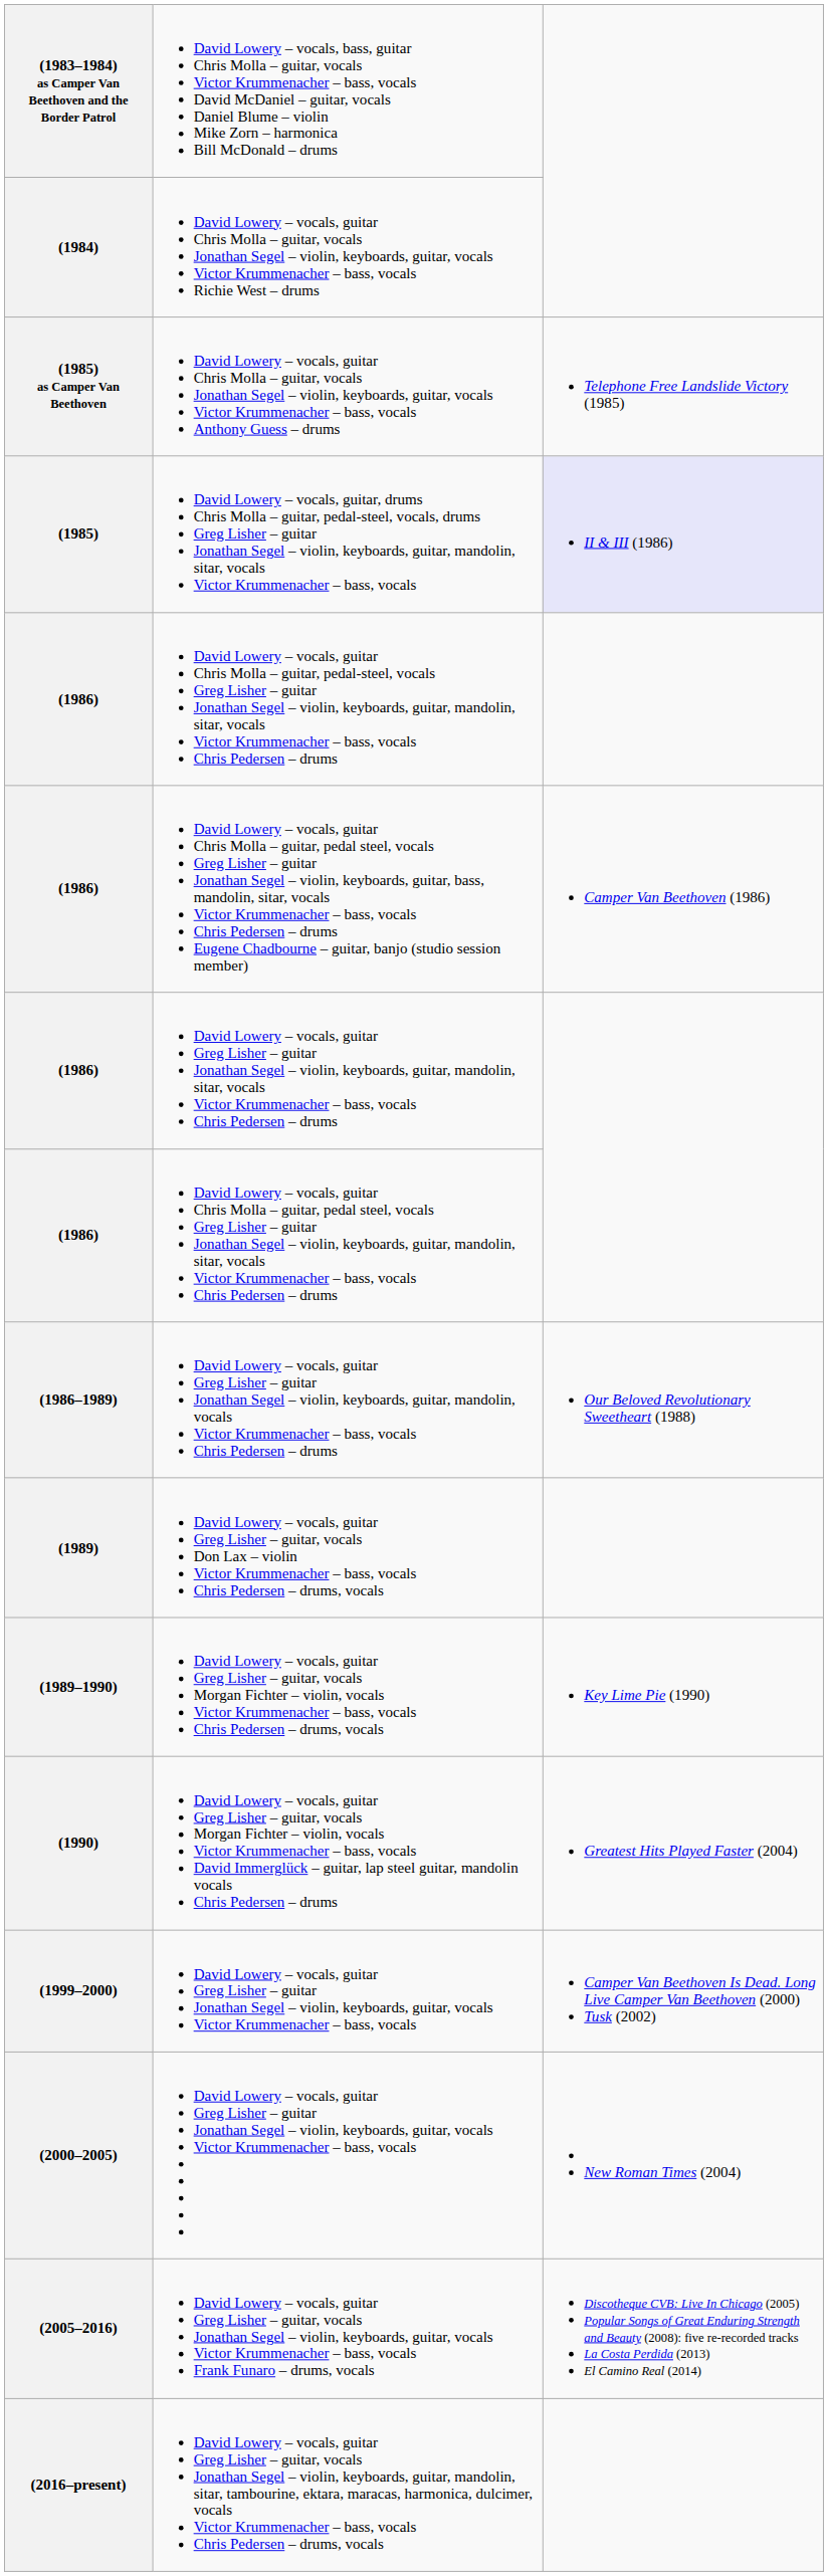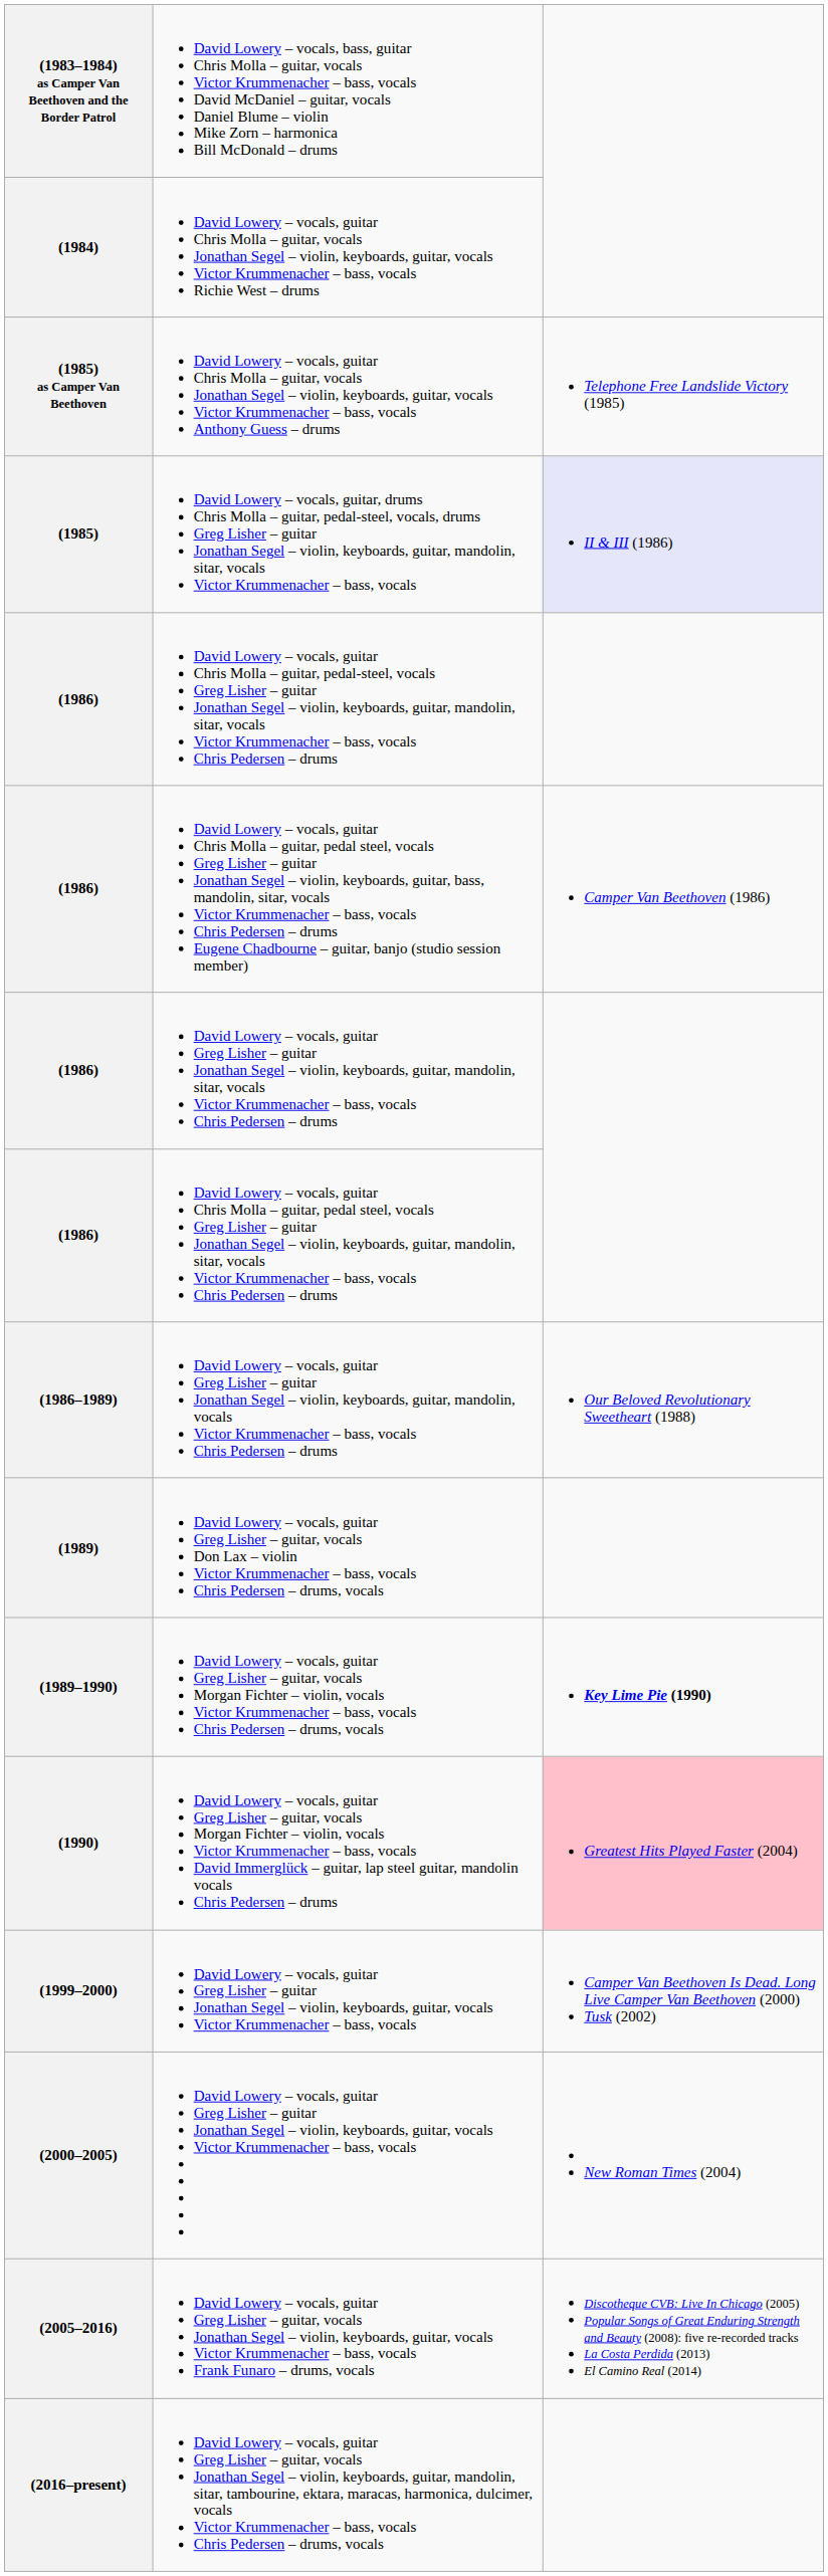 <table class="wikitable">
 <tr>
 <th>(1983–1984) <br><small>as Camper Van Beethoven and the Border Patrol</small></th>
 <td><br><ul><li><a href='#'>David Lowery</a> – vocals, bass, guitar</li><li>Chris Molla – guitar, vocals</li><li><a href='#'>Victor Krummenacher</a> – bass, vocals</li><li>David McDaniel – guitar, vocals</li><li>Daniel Blume – violin</li><li>Mike Zorn – harmonica</li><li>Bill McDonald – drums</li></ul></td>
 </tr>
 <tr>
 <th>(1984)</th>
 <td><br><ul><li><a href='#'>David Lowery</a> – vocals, guitar</li><li>Chris Molla – guitar, vocals</li><li><a href='#'>Jonathan Segel</a> – violin, keyboards, guitar, vocals</li><li><a href='#'>Victor Krummenacher</a> – bass, vocals</li><li>Richie West – drums</li></ul></td>
 </tr>
 <tr>
 <th>(1985)<br><small>as Camper Van Beethoven</small></th>
 <td><br><ul><li><a href='#'>David Lowery</a> – vocals, guitar</li><li>Chris Molla – guitar, vocals</li><li><a href='#'>Jonathan Segel</a> – violin, keyboards, guitar, vocals</li><li><a href='#'>Victor Krummenacher</a> – bass, vocals</li><li><a href='#'>Anthony Guess</a> – drums</li></ul></td>
 <td><br><ul><li><em><a href='#'>Telephone Free Landslide Victory</a></em> (1985)</li></ul></td>
 </tr>
 <tr>
 <th>(1985)</th>
 <td><br><ul><li><a href='#'>David Lowery</a> – vocals, guitar, drums</li><li>Chris Molla – guitar, pedal-steel, vocals, drums</li><li><a href='#'>Greg Lisher</a> – guitar</li><li><a href='#'>Jonathan Segel</a> – violin, keyboards, guitar, mandolin, sitar, vocals</li><li><a href='#'>Victor Krummenacher</a> – bass, vocals</li></ul></td>
 <td style="background: lavender;"><br><ul><li><em><a href='#'>II & III</a></em> (1986)</li></ul></td>
 </tr>
 <tr>
 <th>(1986)</th>
 <td><br><ul><li><a href='#'>David Lowery</a> – vocals, guitar</li><li>Chris Molla – guitar, pedal-steel, vocals</li><li><a href='#'>Greg Lisher</a> – guitar</li><li><a href='#'>Jonathan Segel</a> – violin, keyboards, guitar, mandolin, sitar, vocals</li><li><a href='#'>Victor Krummenacher</a> – bass, vocals</li><li><a href='#'>Chris Pedersen</a> – drums</li></ul></td>
 </tr>
 <tr>
 <th>(1986)</th>
 <td><br><ul><li><a href='#'>David Lowery</a> – vocals, guitar</li><li>Chris Molla – guitar, pedal steel, vocals</li><li><a href='#'>Greg Lisher</a> – guitar</li><li><a href='#'>Jonathan Segel</a> – violin, keyboards, guitar, bass, mandolin, sitar, vocals</li><li><a href='#'>Victor Krummenacher</a> – bass, vocals</li><li><a href='#'>Chris Pedersen</a> – drums</li><li><a href='#'>Eugene Chadbourne</a> – guitar, banjo (studio session member)</li></ul></td>
 <td><br><ul><li><em><a href='#'>Camper Van Beethoven</a></em> (1986)</li></ul></td>
 </tr>
 <tr>
 <th>(1986)</th>
 <td><br><ul><li><a href='#'>David Lowery</a> – vocals, guitar</li><li><a href='#'>Greg Lisher</a> – guitar</li><li><a href='#'>Jonathan Segel</a> – violin, keyboards, guitar, mandolin, sitar, vocals</li><li><a href='#'>Victor Krummenacher</a> – bass, vocals</li><li><a href='#'>Chris Pedersen</a> – drums</li></ul></td>
 </tr>
 <tr>
 <th>(1986)</th>
 <td><br><ul><li><a href='#'>David Lowery</a> – vocals, guitar</li><li>Chris Molla – guitar, pedal steel, vocals</li><li><a href='#'>Greg Lisher</a> – guitar</li><li><a href='#'>Jonathan Segel</a> – violin, keyboards, guitar, mandolin, sitar, vocals</li><li><a href='#'>Victor Krummenacher</a> – bass, vocals</li><li><a href='#'>Chris Pedersen</a> – drums</li></ul></td>
 </tr>
 <tr>
 <th>(1986–1989)</th>
 <td><br><ul><li><a href='#'>David Lowery</a> – vocals, guitar</li><li><a href='#'>Greg Lisher</a> – guitar</li><li><a href='#'>Jonathan Segel</a> – violin, keyboards, guitar, mandolin, vocals</li><li><a href='#'>Victor Krummenacher</a> – bass, vocals</li><li><a href='#'>Chris Pedersen</a> – drums</li></ul></td>
 <td><br><ul><li><em><a href='#'>Our Beloved Revolutionary Sweetheart</a></em> (1988)</li></ul></td>
 </tr>
 <tr>
 <th>(1989)</th>
 <td><br><ul><li><a href='#'>David Lowery</a> – vocals, guitar</li><li><a href='#'>Greg Lisher</a> – guitar, vocals</li><li>Don Lax – violin</li><li><a href='#'>Victor Krummenacher</a> – bass, vocals</li><li><a href='#'>Chris Pedersen</a> – drums, vocals</li></ul></td>
 </tr>
 <tr>
 <th>(1989–1990)</th>
 <td><br><ul><li><a href='#'>David Lowery</a> – vocals, guitar</li><li><a href='#'>Greg Lisher</a> – guitar, vocals</li><li>Morgan Fichter – violin, vocals</li><li><a href='#'>Victor Krummenacher</a> – bass, vocals</li><li><a href='#'>Chris Pedersen</a> – drums, vocals</li></ul></td>
-<td><br><ul><li><em><a href='#'>Key Lime Pie</a></em> (1990)</li></ul></td>
+<td><strong><br><ul><li><em><a href='#'>Key Lime Pie</a></em> (1990)</li></ul></strong></td>
 </tr>
 <tr>
 <th>(1990)</th>
 <td><br><ul><li><a href='#'>David Lowery</a> – vocals, guitar</li><li><a href='#'>Greg Lisher</a> – guitar, vocals</li><li>Morgan Fichter – violin, vocals</li><li><a href='#'>Victor Krummenacher</a> – bass, vocals</li><li><a href='#'>David Immerglück</a> – guitar, lap steel guitar, mandolin vocals</li><li><a href='#'>Chris Pedersen</a> – drums</li></ul></td>
-<td><br><ul><li><em><a href='#'>Greatest Hits Played Faster</a></em> (2004)</li></ul></td>
+<td style="background: pink;"><br><ul><li><em><a href='#'>Greatest Hits Played Faster</a></em> (2004)</li></ul></td>
 </tr>
 <tr>
 <th>(1999–2000)</th>
 <td><br><ul><li><a href='#'>David Lowery</a> – vocals, guitar</li><li><a href='#'>Greg Lisher</a> – guitar</li><li><a href='#'>Jonathan Segel</a> – violin, keyboards, guitar, vocals</li><li><a href='#'>Victor Krummenacher</a> – bass, vocals</li></ul></td>
 <td><br><ul><li><em><a href='#'>Camper Van Beethoven Is Dead. Long Live Camper Van Beethoven</a></em> (2000)</li><li><em><a href='#'>Tusk</a></em> (2002)</li></ul></td>
 </tr>
 <tr>
 <th>(2000–2005)</th>
 <td><br><ul><li><a href='#'>David Lowery</a> – vocals, guitar</li><li><a href='#'>Greg Lisher</a> – guitar</li><li><a href='#'>Jonathan Segel</a> – violin, keyboards, guitar, vocals</li><li><a href='#'>Victor Krummenacher</a> – bass, vocals</li><li></li><li></li><li></li><li></li><li></li></ul></td>
 <td><br><ul><li></li><li><em><a href='#'>New Roman Times</a></em> (2004)</li></ul></td>
 </tr>
 <tr>
 <th>(2005–2016)</th>
 <td><br><ul><li><a href='#'>David Lowery</a> – vocals, guitar</li><li><a href='#'>Greg Lisher</a> – guitar, vocals</li><li><a href='#'>Jonathan Segel</a> – violin, keyboards, guitar, vocals</li><li><a href='#'>Victor Krummenacher</a> – bass, vocals</li><li><a href='#'>Frank Funaro</a> – drums, vocals</li></ul></td>
 <td><br><ul><li><small><em><a href='#'>Discotheque CVB: Live In Chicago</a></em> (2005)</small></li><li><small><em><a href='#'>Popular Songs of Great Enduring Strength and Beauty</a></em> (2008): five re-recorded tracks</small></li><li><small><em><a href='#'>La Costa Perdida</a></em> (2013)</small></li><li><small><em>El Camino Real</em> (2014)</small></li></ul></td>
 </tr>
 <tr>
 <th>(2016–present)</th>
 <td><br><ul><li><a href='#'>David Lowery</a> – vocals, guitar</li><li><a href='#'>Greg Lisher</a> – guitar, vocals</li><li><a href='#'>Jonathan Segel</a> – violin, keyboards, guitar, mandolin, sitar, tambourine, ektara, maracas, harmonica, dulcimer, vocals</li><li><a href='#'>Victor Krummenacher</a> – bass, vocals</li><li><a href='#'>Chris Pedersen</a> – drums, vocals</li></ul></td>
 </tr>
 </table>
